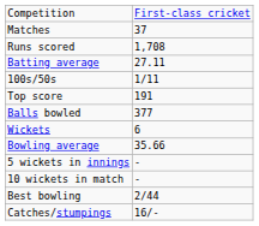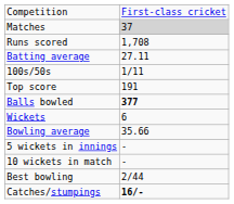 <table class="wikitable">
 <tr>
 <td>Competition</td>
 <td><a href='#'>First-class cricket</a></td>
 </tr>
 <tr>
 <td>Matches</td>
-<td>37</td>
+<td style="background: lightgrey;">37</td>
 </tr>
 <tr>
 <td>Runs scored</td>
 <td>1,708</td>
 </tr>
 <tr>
 <td><a href='#'>Batting average</a></td>
 <td>27.11</td>
 </tr>
 <tr>
 <td>100s/50s</td>
 <td>1/11</td>
 </tr>
 <tr>
 <td>Top score</td>
 <td>191</td>
 </tr>
 <tr>
 <td><a href='#'>Balls</a> bowled</td>
-<td>377</td>
+<td><strong>377</strong></td>
 </tr>
 <tr>
 <td><a href='#'>Wickets</a></td>
 <td>6</td>
 </tr>
 <tr>
 <td><a href='#'>Bowling average</a></td>
 <td>35.66</td>
 </tr>
 <tr>
 <td>5 wickets in <a href='#'>innings</a></td>
 <td>-</td>
 </tr>
 <tr>
 <td>10 wickets in match</td>
 <td>-</td>
 </tr>
 <tr>
 <td>Best bowling</td>
 <td>2/44</td>
 </tr>
 <tr>
 <td>Catches/<a href='#'>stumpings</a></td>
-<td>16/-</td>
+<td><strong>16/-</strong></td>
 </tr>
 </table>
